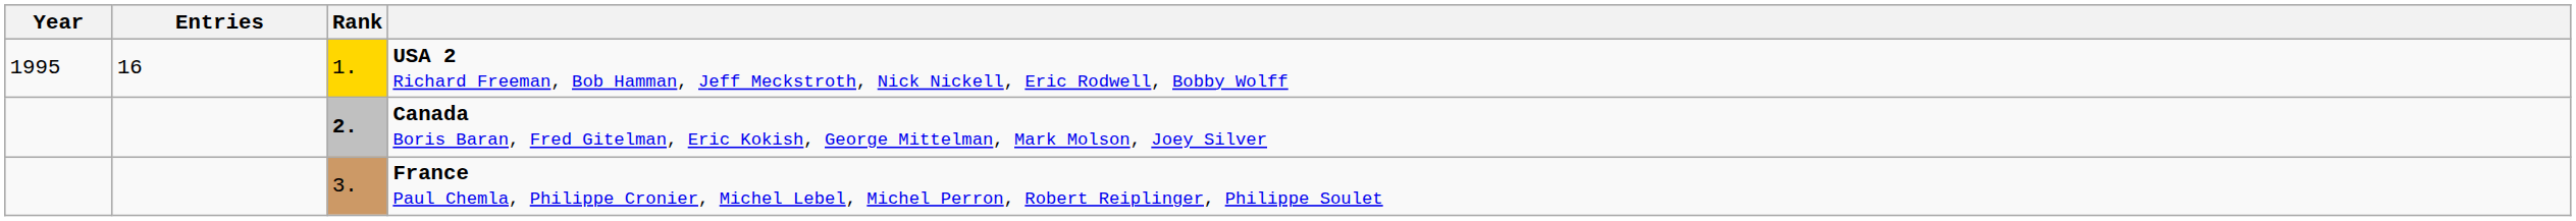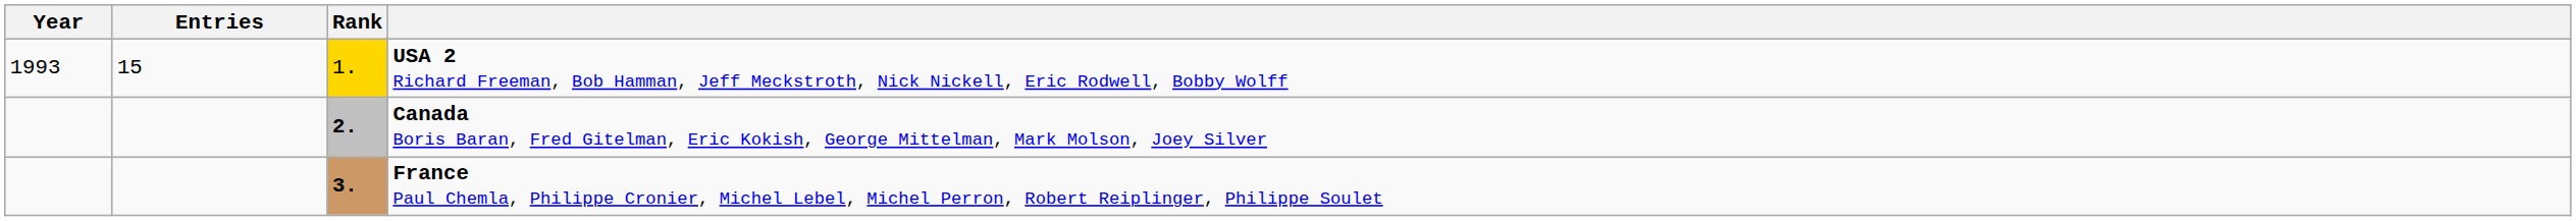 <table class="wikitable" style="width:100%;">
 <tr>
 <th>Year</th>
 <th>Entries</th>
 <th>Rank</th>
 <th></th>
 </tr>
 <tr>
-<td width = 60>1995</td>
-<td>16</td>
+<td width = 60>1993</td>
+<td>15</td>
 <td style="background:gold; width:30px;">1.</td>
 <td> <strong>USA 2</strong> <br><small><a href='#'>Richard Freeman</a>, <a href='#'>Bob Hamman</a>, <a href='#'>Jeff Meckstroth</a>, <a href='#'>Nick Nickell</a>, <a href='#'>Eric Rodwell</a>, <a href='#'>Bobby Wolff</a></small></td>
 </tr>
 <tr>
 <td></td>
 <td></td>
 <td style="background:silver;"><strong>2.</strong></td>
 <td> <strong>Canada</strong><br><small><a href='#'>Boris Baran</a>, <a href='#'>Fred Gitelman</a>, <a href='#'>Eric Kokish</a>, <a href='#'>George Mittelman</a>, <a href='#'>Mark Molson</a>, <a href='#'>Joey Silver</a></small></td>
 </tr>
 <tr>
 <td></td>
 <td></td>
-<td style="background:#c96;">3.</td>
+<td style="background:#c96;"><strong>3.</strong></td>
 <td> <strong>France</strong><br><small><a href='#'>Paul Chemla</a>, <a href='#'>Philippe Cronier</a>, <a href='#'>Michel Lebel</a>, <a href='#'>Michel Perron</a>, <a href='#'>Robert Reiplinger</a>, <a href='#'>Philippe Soulet</a></small></td>
 </tr>
 </table>
